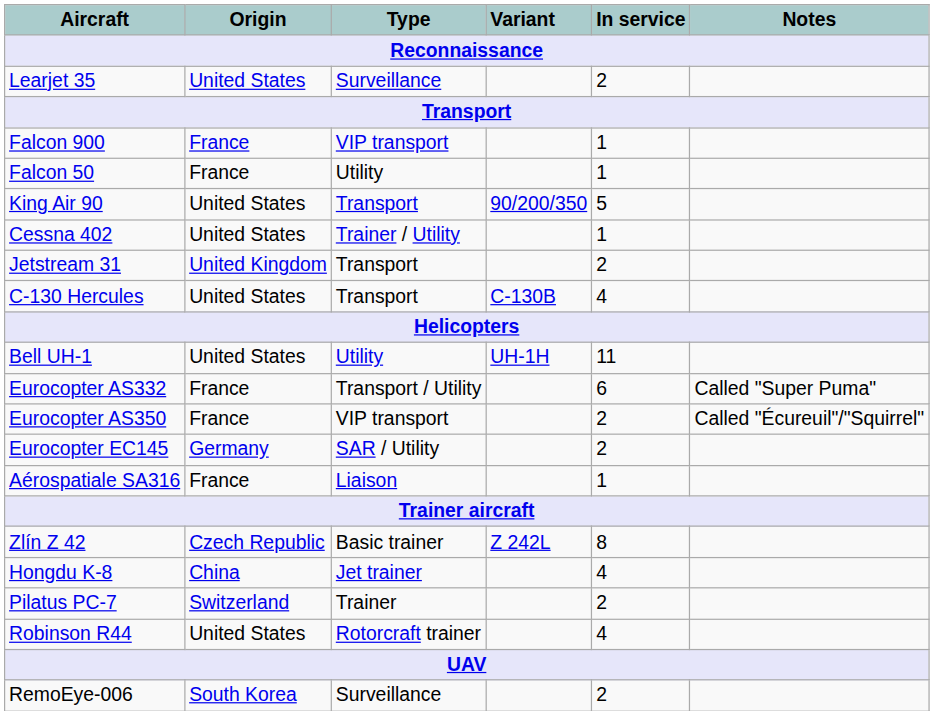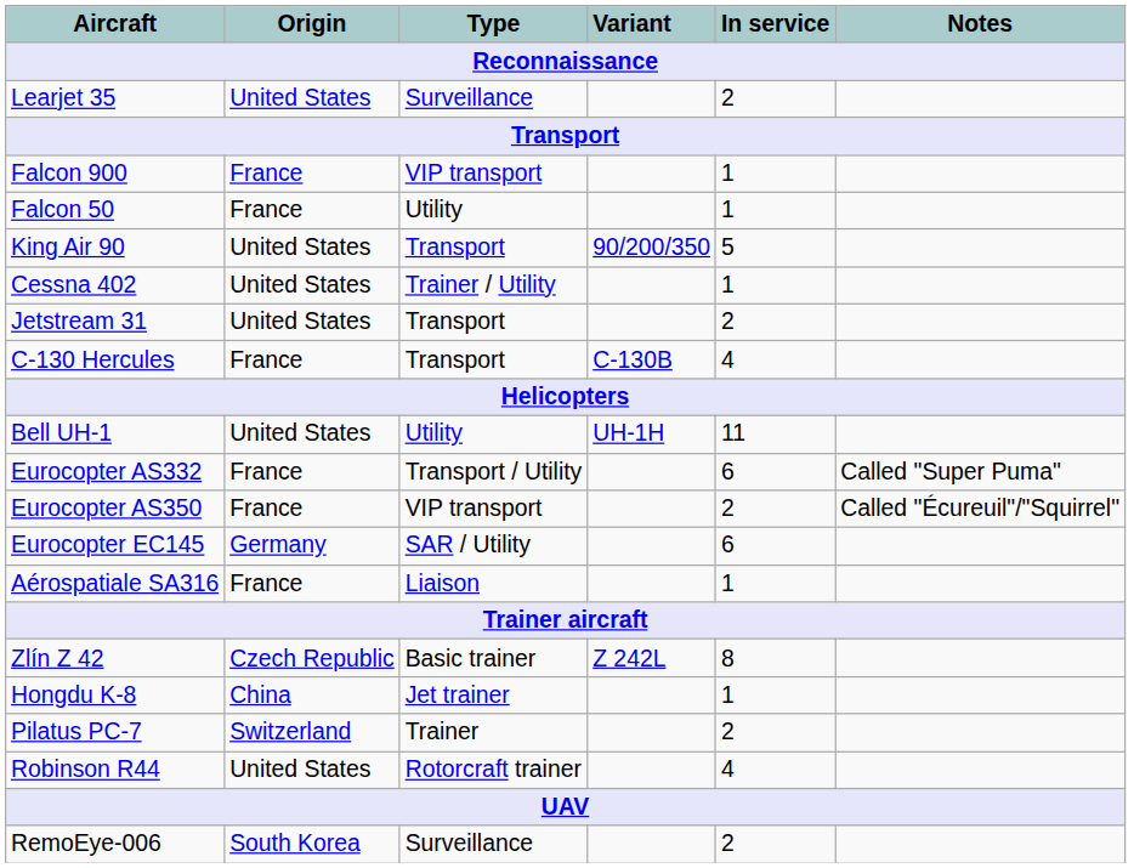 <table class="wikitable">
 <tr>
 <th style="text-align:center; background:#acc;">Aircraft</th>
 <th style="text-align: center; background:#acc;">Origin</th>
 <th style="text-align:l center; background:#acc;">Type</th>
 <th style="text-align:left; background:#acc;">Variant</th>
 <th style="text-align:center; background:#acc;">In service</th>
 <th style="text-align: center; background:#acc;">Notes</th>
 </tr>
 <tr>
 <th style="align: center; background: lavender;" colspan="7"><a href='#'>Reconnaissance</a></th>
 </tr>
 <tr>
 <td><a href='#'>Learjet 35</a></td>
 <td><a href='#'>United States</a></td>
 <td><a href='#'>Surveillance</a></td>
 <td></td>
 <td>2</td>
 <td></td>
 </tr>
 <tr>
 <th style="align: center; background: lavender;" colspan="7"><a href='#'>Transport</a></th>
 </tr>
 <tr>
 <td><a href='#'>Falcon 900</a></td>
 <td><a href='#'>France</a></td>
 <td><a href='#'>VIP transport</a></td>
 <td></td>
 <td>1</td>
 <td></td>
 </tr>
 <tr>
 <td><a href='#'>Falcon 50</a></td>
 <td>France</td>
 <td>Utility</td>
 <td></td>
 <td>1</td>
 <td></td>
 </tr>
 <tr>
 <td><a href='#'>King Air 90</a></td>
 <td>United States</td>
 <td><a href='#'>Transport</a></td>
 <td><a href='#'>90/200/350</a></td>
 <td>5</td>
 <td></td>
 </tr>
 <tr>
 <td><a href='#'>Cessna 402</a></td>
 <td>United States</td>
 <td><a href='#'>Trainer</a> / <a href='#'>Utility</a></td>
 <td></td>
 <td>1</td>
 <td></td>
 </tr>
 <tr>
 <td><a href='#'>Jetstream 31</a></td>
-<td><a href='#'>United Kingdom</a></td>
+<td>United States</td>
 <td>Transport</td>
 <td></td>
 <td>2</td>
 <td></td>
 </tr>
 <tr>
 <td><a href='#'>C-130 Hercules</a></td>
-<td>United States</td>
+<td>France</td>
 <td>Transport</td>
 <td><a href='#'>C-130B</a></td>
 <td>4</td>
 <td></td>
 </tr>
 <tr>
 <th style="align: center; background: lavender;" colspan="7"><a href='#'>Helicopters</a></th>
 </tr>
 <tr>
 <td><a href='#'>Bell UH-1</a></td>
 <td>United States</td>
 <td><a href='#'>Utility</a></td>
 <td><a href='#'>UH-1H</a></td>
 <td>11</td>
 <td></td>
 </tr>
 <tr>
 <td><a href='#'>Eurocopter AS332</a></td>
 <td>France</td>
 <td>Transport / Utility</td>
 <td></td>
 <td>6</td>
 <td>Called "Super Puma"</td>
 </tr>
 <tr>
 <td><a href='#'>Eurocopter AS350</a></td>
 <td>France</td>
 <td>VIP transport</td>
 <td></td>
 <td>2</td>
 <td>Called "Écureuil"/"Squirrel"</td>
 </tr>
 <tr>
 <td><a href='#'>Eurocopter EC145</a></td>
 <td><a href='#'>Germany</a></td>
 <td><a href='#'>SAR</a> / Utility</td>
 <td></td>
-<td>2</td>
+<td>6</td>
 <td></td>
 </tr>
 <tr>
 <td><a href='#'>Aérospatiale SA316</a></td>
 <td>France</td>
 <td><a href='#'>Liaison</a></td>
 <td></td>
 <td>1</td>
 <td></td>
 </tr>
 <tr>
 <th style="align: center; background: lavender;" colspan="7"><a href='#'>Trainer aircraft</a></th>
 </tr>
 <tr>
 <td><a href='#'>Zlín Z 42</a></td>
 <td><a href='#'>Czech Republic</a></td>
 <td>Basic trainer</td>
 <td><a href='#'>Z 242L</a></td>
 <td>8</td>
 <td></td>
 </tr>
 <tr>
 <td><a href='#'>Hongdu K-8</a></td>
 <td><a href='#'>China</a></td>
 <td><a href='#'>Jet trainer</a></td>
 <td></td>
-<td>4</td>
+<td>1</td>
 <td></td>
 </tr>
 <tr>
 <td><a href='#'>Pilatus PC-7</a></td>
 <td><a href='#'>Switzerland</a></td>
 <td>Trainer</td>
 <td></td>
 <td>2</td>
 <td></td>
 </tr>
 <tr>
 <td><a href='#'>Robinson R44</a></td>
 <td>United States</td>
 <td><a href='#'>Rotorcraft</a> trainer</td>
 <td></td>
 <td>4</td>
 <td></td>
 </tr>
 <tr>
 <th style="align: center; background: lavender;" colspan="7"><a href='#'>UAV</a></th>
 </tr>
 <tr>
 <td>RemoEye-006</td>
 <td><a href='#'>South Korea</a></td>
 <td>Surveillance</td>
 <td></td>
 <td>2</td>
 <td></td>
 </tr>
 </table>
